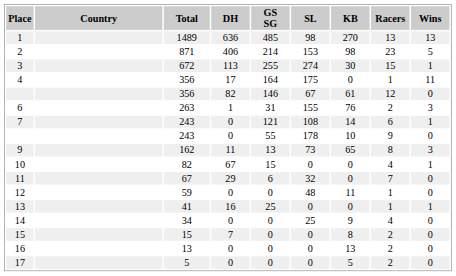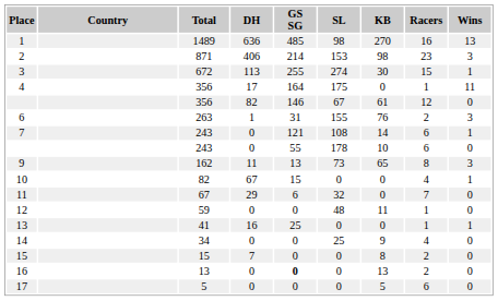 <table border="0" style="border: 1px solid #999; background-color:#FFFFFF; text-align:center; font-size:86%; line-height:15px;">
 <tr align="center" bgcolor="#CCCCCC">
 <th width=35>Place</th>
 <th width=170>Country</th>
 <th width=60>Total</th>
 <th width=50>DH</th>
 <th width=50>GS<br>SG</th>
 <th width=50>SL</th>
 <th width=50>KB</th>
 <th width=50>Racers</th>
 <th width=50>Wins</th>
 </tr>
 <tr bgcolor="#EFEFEF">
 <td>1</td>
 <td align="left"></td>
 <td>1489</td>
 <td>636</td>
 <td>485</td>
 <td>98</td>
 <td>270</td>
-<td>13</td>
+<td>16</td>
 <td>13</td>
 </tr>
 <tr>
 <td>2</td>
 <td align="left"></td>
 <td>871</td>
 <td>406</td>
 <td>214</td>
 <td>153</td>
 <td>98</td>
 <td>23</td>
-<td>5</td>
+<td>3</td>
 </tr>
 <tr bgcolor="#EFEFEF">
 <td>3</td>
 <td align="left"></td>
 <td>672</td>
 <td>113</td>
 <td>255</td>
 <td>274</td>
 <td>30</td>
 <td>15</td>
 <td>1</td>
 </tr>
 <tr>
 <td>4</td>
 <td align="left"></td>
 <td>356</td>
 <td>17</td>
 <td>164</td>
 <td>175</td>
 <td>0</td>
 <td>1</td>
 <td>11</td>
 </tr>
 <tr bgcolor="#EFEFEF">
 <td></td>
 <td align="left"></td>
 <td>356</td>
 <td>82</td>
 <td>146</td>
 <td>67</td>
 <td>61</td>
 <td>12</td>
 <td>0</td>
 </tr>
 <tr>
 <td>6</td>
 <td align="left"></td>
 <td>263</td>
 <td>1</td>
 <td>31</td>
 <td>155</td>
 <td>76</td>
 <td>2</td>
 <td>3</td>
 </tr>
 <tr bgcolor="#EFEFEF">
 <td>7</td>
 <td align="left"></td>
 <td>243</td>
 <td>0</td>
 <td>121</td>
 <td>108</td>
 <td>14</td>
 <td>6</td>
 <td>1</td>
 </tr>
 <tr>
 <td></td>
 <td align="left"></td>
 <td>243</td>
 <td>0</td>
 <td>55</td>
 <td>178</td>
 <td>10</td>
-<td>9</td>
+<td>6</td>
 <td>0</td>
 </tr>
 <tr bgcolor="#EFEFEF">
 <td>9</td>
 <td align="left"></td>
 <td>162</td>
 <td>11</td>
 <td>13</td>
 <td>73</td>
 <td>65</td>
 <td>8</td>
 <td>3</td>
 </tr>
 <tr>
 <td>10</td>
 <td align="left"></td>
 <td>82</td>
 <td>67</td>
 <td>15</td>
 <td>0</td>
 <td>0</td>
 <td>4</td>
 <td>1</td>
 </tr>
 <tr bgcolor="#EFEFEF">
 <td>11</td>
 <td align="left"></td>
 <td>67</td>
 <td>29</td>
 <td>6</td>
 <td>32</td>
 <td>0</td>
 <td>7</td>
 <td>0</td>
 </tr>
 <tr>
 <td>12</td>
 <td align="left"></td>
 <td>59</td>
 <td>0</td>
 <td>0</td>
 <td>48</td>
 <td>11</td>
 <td>1</td>
 <td>0</td>
 </tr>
 <tr bgcolor="#EFEFEF">
 <td>13</td>
 <td align="left"></td>
 <td>41</td>
 <td>16</td>
 <td>25</td>
 <td>0</td>
 <td>0</td>
 <td>1</td>
 <td>1</td>
 </tr>
 <tr>
 <td>14</td>
 <td align="left"></td>
 <td>34</td>
 <td>0</td>
 <td>0</td>
 <td>25</td>
 <td>9</td>
 <td>4</td>
 <td>0</td>
 </tr>
 <tr bgcolor="#EFEFEF">
 <td>15</td>
 <td align="left"></td>
 <td>15</td>
 <td>7</td>
 <td>0</td>
 <td>0</td>
 <td>8</td>
 <td>2</td>
 <td>0</td>
 </tr>
 <tr>
 <td>16</td>
 <td align="left"></td>
 <td>13</td>
 <td>0</td>
-<td>0</td>
+<td><strong>0</strong></td>
 <td>0</td>
 <td>13</td>
 <td>2</td>
 <td>0</td>
 </tr>
 <tr bgcolor="#EFEFEF">
 <td>17</td>
 <td align="left"></td>
 <td>5</td>
 <td>0</td>
 <td>0</td>
 <td>0</td>
 <td>5</td>
-<td>2</td>
+<td>6</td>
 <td>0</td>
 </tr>
 </table>
